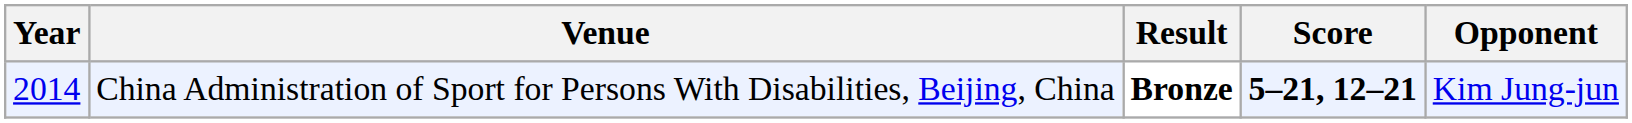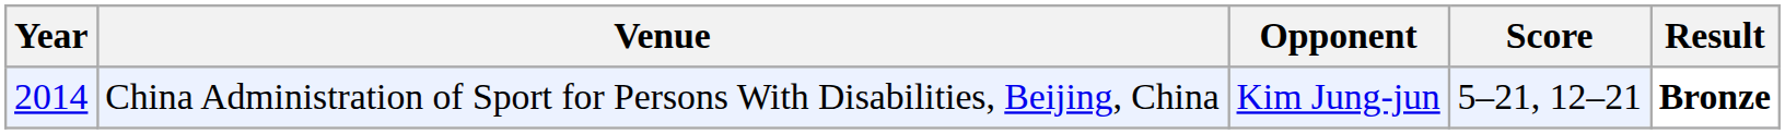 <table class="sortable wikitable" style="font-size: 90%;">
 <tr>
 <th>Year</th>
 <th>Venue</th>
+<th>Opponent</th>
+<th>Score</th>
 <th>Result</th>
-<th>Score</th>
-<th>Opponent</th>
 </tr>
 <tr style="background:#ECF2FF">
 <td align="center"><a href='#'>2014</a></td>
 <td align="left">China Administration of Sport for Persons With Disabilities, <a href='#'>Beijing</a>, China</td>
+<td align="left"> <a href='#'>Kim Jung-jun</a></td>
+<td align="left">5–21, 12–21</td>
 <td style="text-align:left; background:white"> <strong>Bronze</strong></td>
-<td align="left"><strong>5–21, 12–21</strong></td>
-<td align="left"> <a href='#'>Kim Jung-jun</a></td>
 </tr>
 </table>
